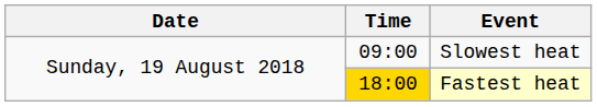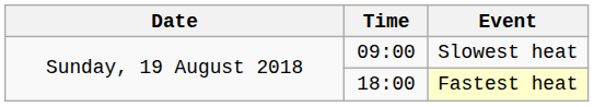 <table class = "wikitable" style="text-align:center;">
 <tr>
 <th width=220>Date</th>
 <th width=50>Time</th>
 <th width=100>Event</th>
 </tr>
 <tr>
 <td rowspan=2>Sunday, 19 August 2018</td>
 <td>09:00</td>
 <td>Slowest heat</td>
 </tr>
 <tr>
-<td style="background: gold;">18:00</td>
+<td>18:00</td>
 <td bgcolor=ffffcc>Fastest heat</td>
 </tr>
 </table>
